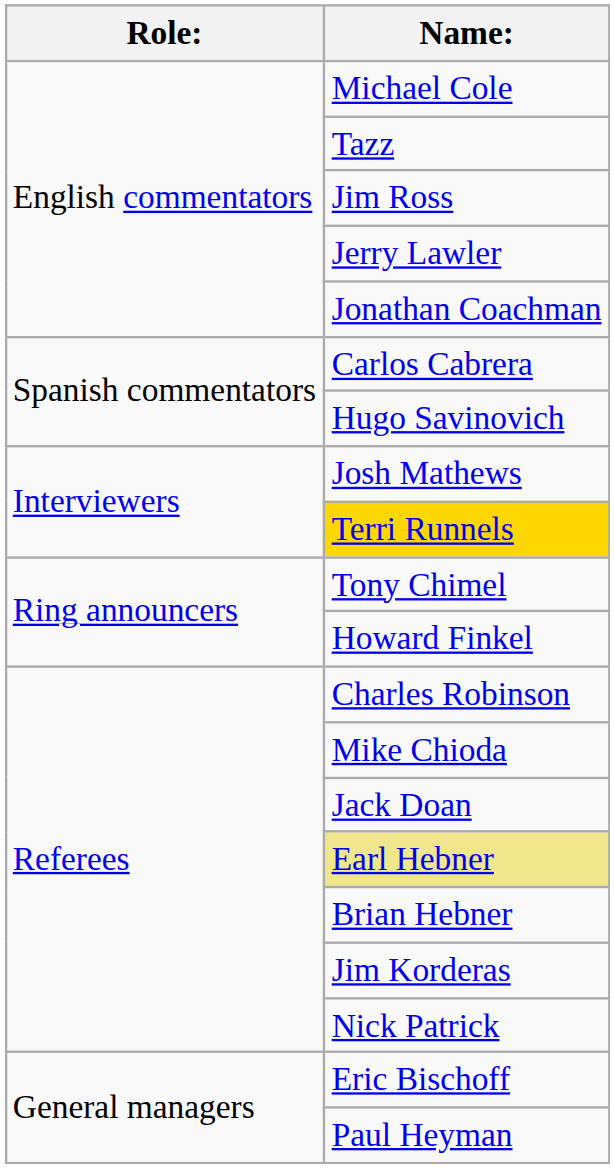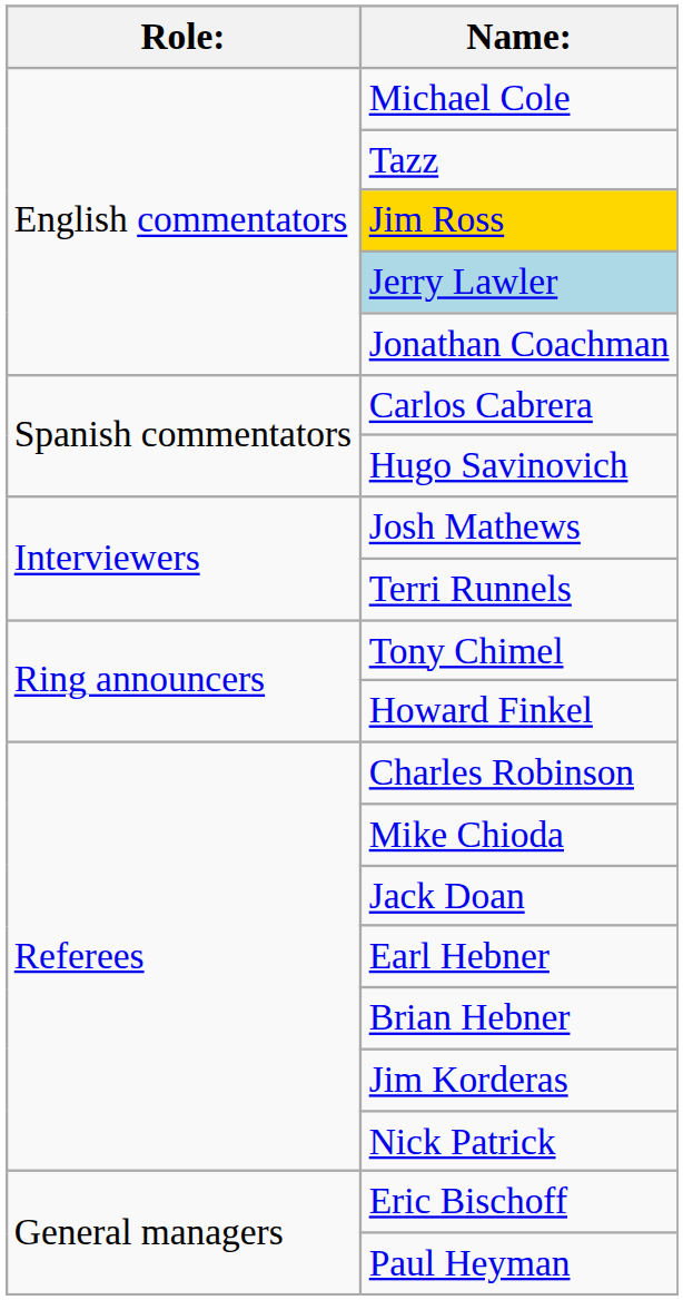 <table class=wikitable style="font-size:90%; margin: 0.5em 0 0.5em 1em; float: right; clear: right;">
 <tr>
 <th>Role:</th>
 <th>Name:</th>
 </tr>
 <tr>
 <td rowspan=5>English <a href='#'>commentators</a></td>
 <td><a href='#'>Michael Cole</a> </td>
 </tr>
 <tr>
 <td><a href='#'>Tazz</a> </td>
 </tr>
 <tr>
-<td><a href='#'>Jim Ross</a> </td>
+<td style="background: gold;"><a href='#'>Jim Ross</a> </td>
 </tr>
 <tr>
-<td><a href='#'>Jerry Lawler</a> </td>
+<td style="background: lightblue;"><a href='#'>Jerry Lawler</a> </td>
 </tr>
 <tr>
 <td><a href='#'>Jonathan Coachman</a> </td>
 </tr>
 <tr>
 <td rowspan=2>Spanish commentators</td>
 <td><a href='#'>Carlos Cabrera</a></td>
 </tr>
 <tr>
 <td><a href='#'>Hugo Savinovich</a></td>
 </tr>
 <tr>
 <td rowspan=2><a href='#'>Interviewers</a></td>
 <td><a href='#'>Josh Mathews</a></td>
 </tr>
 <tr>
-<td style="background: gold;"><a href='#'>Terri Runnels</a></td>
+<td><a href='#'>Terri Runnels</a></td>
 </tr>
 <tr>
 <td rowspan=2><a href='#'>Ring announcers</a></td>
 <td><a href='#'>Tony Chimel</a> </td>
 </tr>
 <tr>
 <td><a href='#'>Howard Finkel</a> </td>
 </tr>
 <tr>
 <td rowspan=7><a href='#'>Referees</a></td>
 <td><a href='#'>Charles Robinson</a> </td>
 </tr>
 <tr>
 <td><a href='#'>Mike Chioda</a> </td>
 </tr>
 <tr>
 <td><a href='#'>Jack Doan</a> </td>
 </tr>
 <tr>
-<td style="background: khaki;"><a href='#'>Earl Hebner</a> </td>
+<td><a href='#'>Earl Hebner</a> </td>
 </tr>
 <tr>
 <td><a href='#'>Brian Hebner</a> </td>
 </tr>
 <tr>
 <td><a href='#'>Jim Korderas</a> </td>
 </tr>
 <tr>
 <td><a href='#'>Nick Patrick</a> </td>
 </tr>
 <tr>
 <td rowspan=2>General managers</td>
 <td><a href='#'>Eric Bischoff</a> </td>
 </tr>
 <tr>
 <td><a href='#'>Paul Heyman</a> </td>
 </tr>
 </table>
